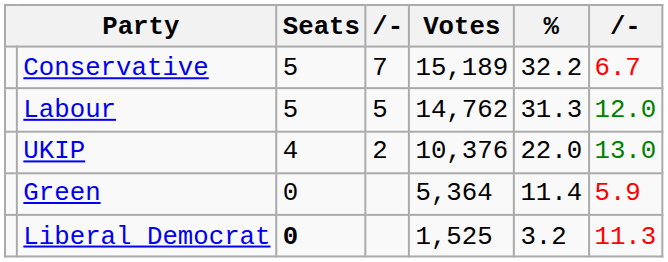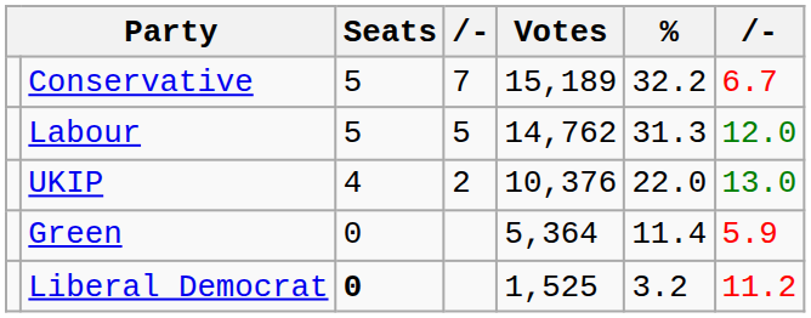 <table class="wikitable sortable">
 <tr>
 <th colspan="2">Party</th>
 <th>Seats</th>
 <th>/-</th>
 <th>Votes</th>
 <th>%</th>
 <th>/-</th>
 </tr>
 <tr>
 <td style="background-color: "></td>
 <td><a href='#'>Conservative</a></td>
 <td>5</td>
 <td> 7</td>
 <td>15,189</td>
 <td>32.2</td>
 <td style="color:red">6.7</td>
 </tr>
 <tr>
 <td style="background-color: "></td>
 <td><a href='#'>Labour</a></td>
 <td>5</td>
 <td> 5</td>
 <td>14,762</td>
 <td>31.3</td>
 <td style="color:green">12.0</td>
 </tr>
 <tr>
 <td style="background-color: "></td>
 <td><a href='#'>UKIP</a></td>
 <td>4</td>
 <td> 2</td>
 <td>10,376</td>
 <td>22.0</td>
 <td style="color:green">13.0</td>
 </tr>
 <tr>
 <td style="background-color: "></td>
 <td><a href='#'>Green</a></td>
 <td>0</td>
 <td></td>
 <td>5,364</td>
 <td>11.4</td>
 <td style="color:red">5.9</td>
 </tr>
 <tr>
 <td style="background-color: "></td>
 <td><a href='#'>Liberal Democrat</a></td>
 <td><strong>0</strong></td>
 <td></td>
 <td>1,525</td>
 <td>3.2</td>
-<td style="color:red">11.3</td>
+<td style="color:red">11.2</td>
 </tr>
 </table>
